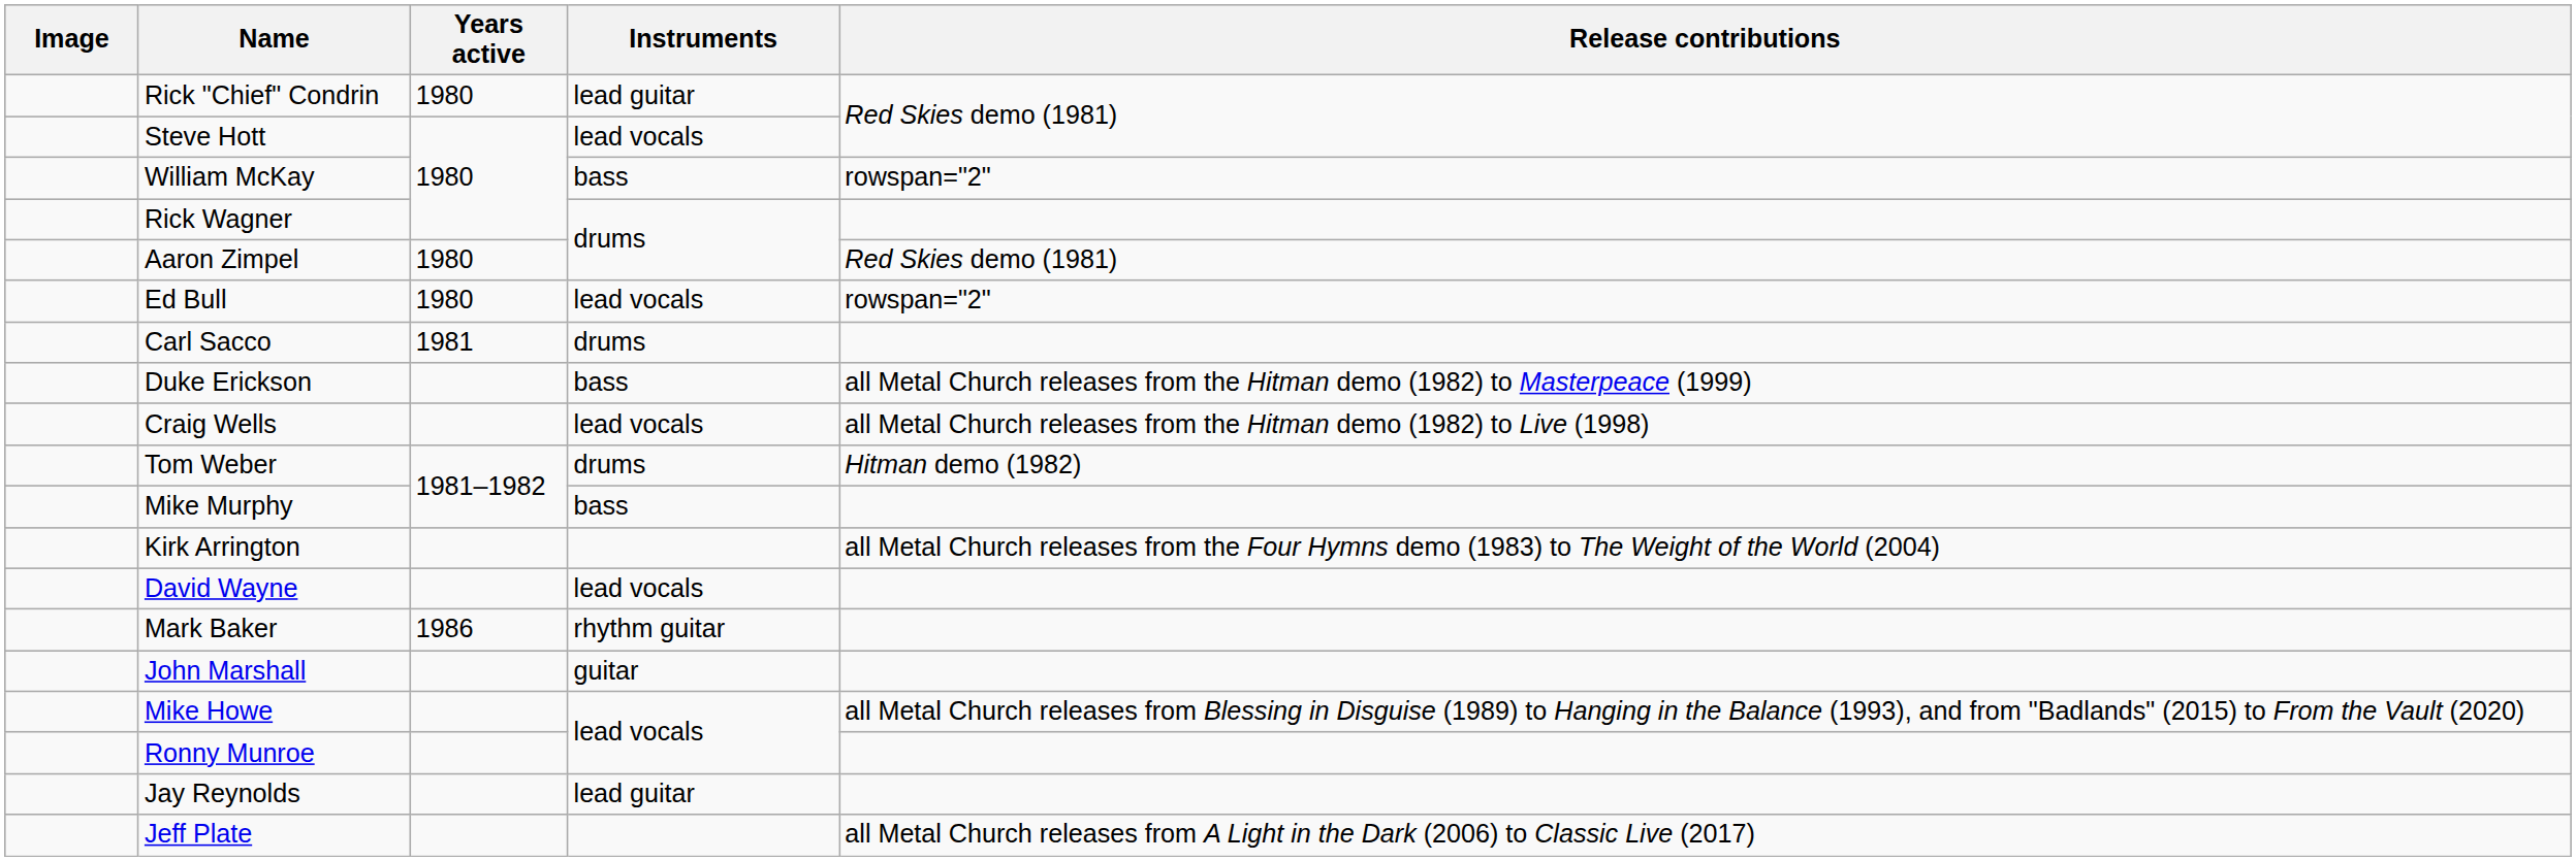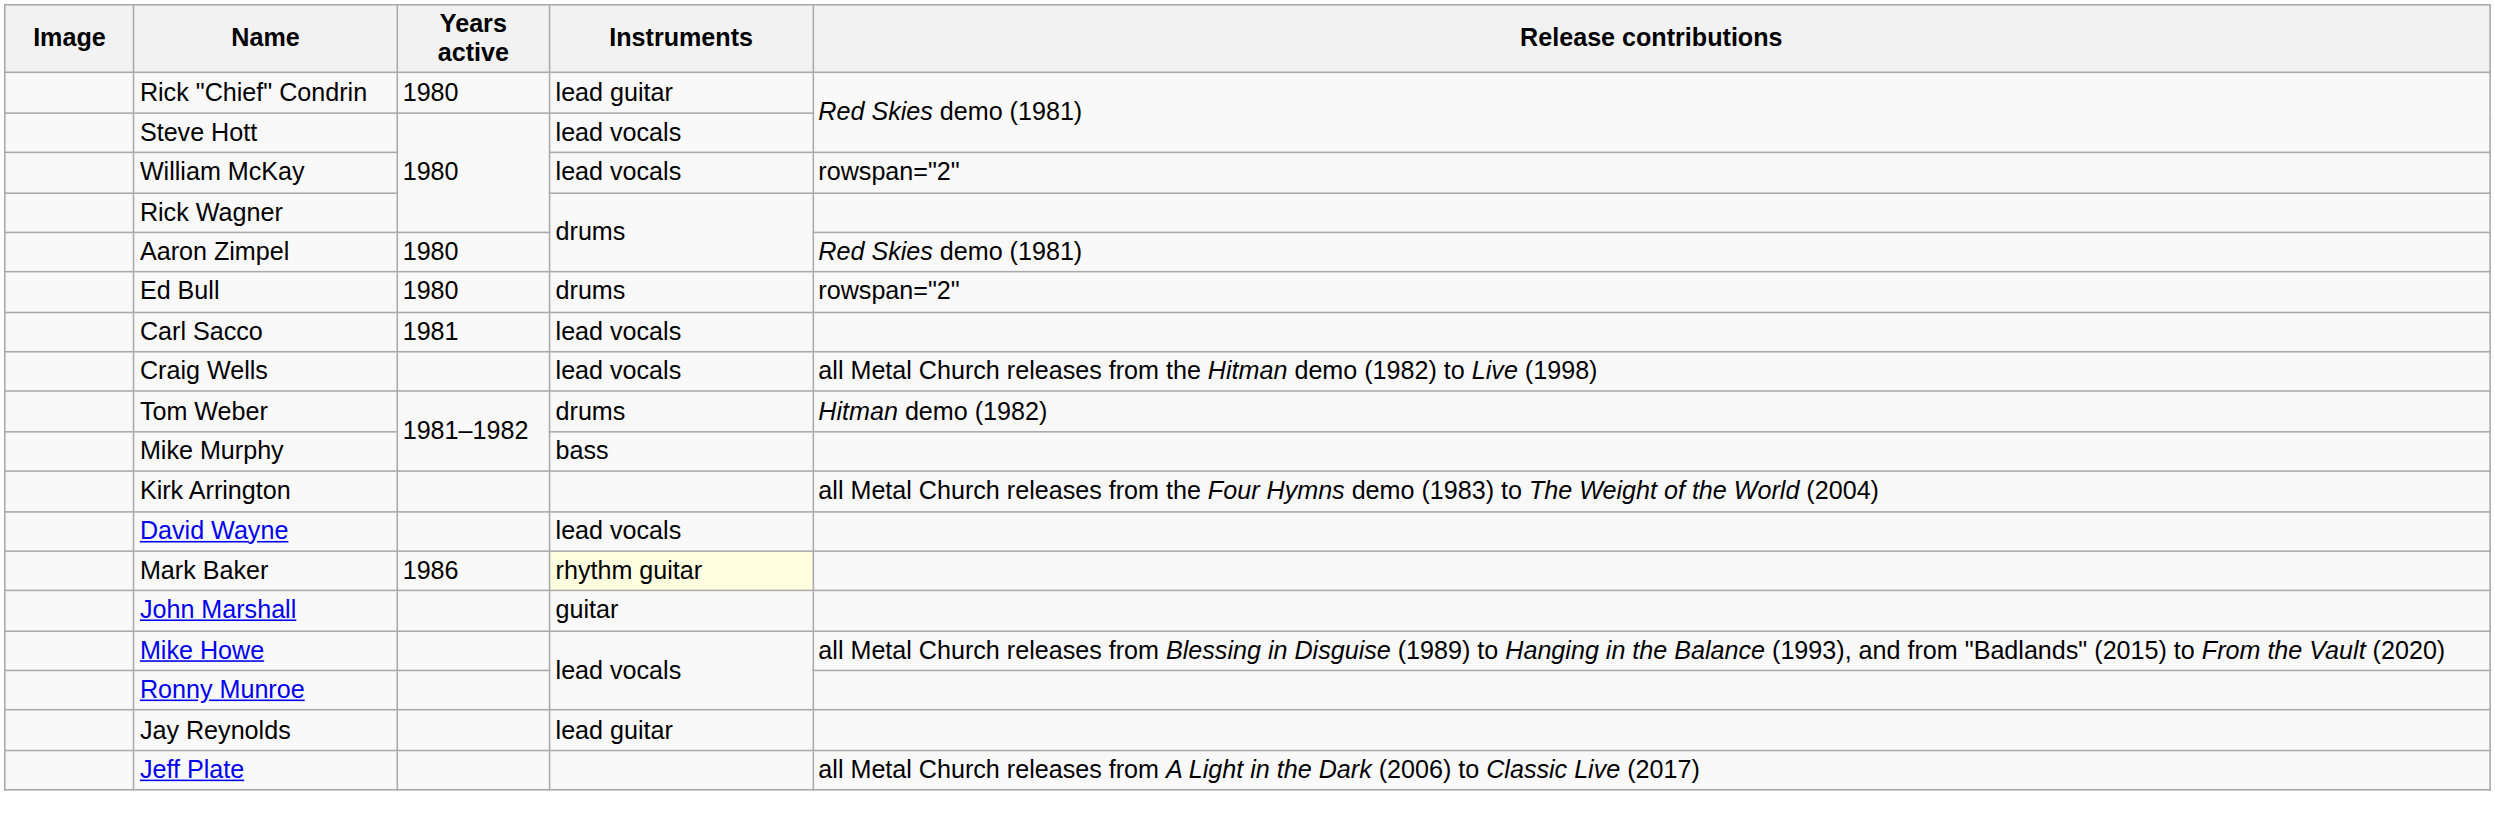 <table class="wikitable" border="1" width=100%>
 <tr>
 <th width="75">Image</th>
 <th width="160">Name</th>
 <th width="90">Years active</th>
 <th width="160">Instruments</th>
 <th>Release contributions</th>
 </tr>
 <tr>
 <td></td>
 <td>Rick "Chief" Condrin</td>
 <td>1980 </td>
 <td>lead guitar</td>
 <td rowspan="2"><em>Red Skies</em> demo (1981)</td>
 </tr>
 <tr>
 <td></td>
 <td>Steve Hott</td>
 <td rowspan="3">1980</td>
 <td>lead vocals</td>
 </tr>
 <tr>
 <td></td>
 <td>William McKay</td>
-<td>bass</td>
+<td>lead vocals</td>
 <td>rowspan="2" </td>
 </tr>
 <tr>
 <td></td>
 <td>Rick Wagner</td>
 <td rowspan="2">drums</td>
 </tr>
 <tr>
 <td></td>
 <td>Aaron Zimpel</td>
 <td>1980 </td>
 <td><em>Red Skies</em> demo (1981)</td>
 </tr>
 <tr>
 <td></td>
 <td>Ed Bull</td>
 <td>1980</td>
-<td>lead vocals</td>
+<td>drums</td>
 <td>rowspan="2" </td>
 </tr>
 <tr>
 <td></td>
 <td>Carl Sacco</td>
 <td>1981</td>
-<td>drums</td>
-</tr>
-<tr>
-<td></td>
-<td>Duke Erickson</td>
-<td></td>
-<td>bass</td>
-<td>all Metal Church releases from the <em>Hitman</em> demo (1982) to <em><a href='#'>Masterpeace</a></em> (1999)</td>
+<td>lead vocals</td>
 </tr>
 <tr>
 <td></td>
 <td>Craig Wells</td>
 <td></td>
 <td>lead vocals</td>
 <td>all Metal Church releases from the <em>Hitman</em> demo (1982) to <em>Live</em> (1998)</td>
 </tr>
 <tr>
 <td></td>
 <td>Tom Weber</td>
 <td rowspan="2">1981–1982</td>
 <td>drums</td>
 <td><em>Hitman</em> demo (1982)</td>
 </tr>
 <tr>
 <td></td>
 <td>Mike Murphy</td>
 <td>bass</td>
 <td></td>
 </tr>
 <tr>
 <td></td>
 <td>Kirk Arrington</td>
 <td></td>
 <td></td>
 <td>all Metal Church releases from the <em>Four Hymns</em> demo (1983) to <em>The Weight of the World</em> (2004)</td>
 </tr>
 <tr>
 <td></td>
 <td><a href='#'>David Wayne</a></td>
 <td></td>
 <td>lead vocals</td>
 <td></td>
 </tr>
 <tr>
 <td></td>
 <td>Mark Baker</td>
 <td>1986</td>
-<td>rhythm guitar</td>
+<td style="background: lightyellow;">rhythm guitar</td>
 <td></td>
 </tr>
 <tr>
 <td></td>
 <td><a href='#'>John Marshall</a></td>
 <td></td>
 <td>guitar </td>
 <td></td>
 </tr>
 <tr>
 <td></td>
 <td><a href='#'>Mike Howe</a></td>
 <td></td>
 <td rowspan="2">lead vocals</td>
 <td>all Metal Church releases from <em>Blessing in Disguise</em> (1989) to <em>Hanging in the Balance</em> (1993), and from "Badlands" (2015) to <em>From the Vault</em> (2020)</td>
 </tr>
 <tr>
 <td></td>
 <td><a href='#'>Ronny Munroe</a></td>
 <td></td>
 <td></td>
 </tr>
 <tr>
 <td></td>
 <td>Jay Reynolds</td>
 <td></td>
 <td>lead guitar</td>
 <td></td>
 </tr>
 <tr>
 <td></td>
 <td><a href='#'>Jeff Plate</a></td>
 <td></td>
 <td></td>
 <td>all Metal Church releases from <em>A Light in the Dark</em> (2006) to <em>Classic Live</em> (2017)</td>
 </tr>
 </table>
